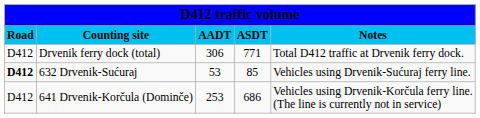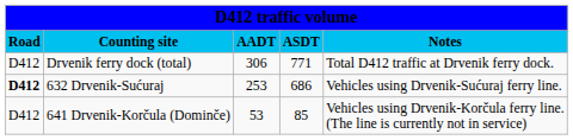 <table class="wikitable">
 <tr>
 <td colspan=5 bgcolor=blue align=center style=margin-top:15><span><big><strong>D412 traffic volume</strong></big></span></td>
 </tr>
 <tr>
 <td align=center bgcolor=00c0f0><strong>Road</strong></td>
 <td align=center bgcolor=00c0f0><strong>Counting site</strong></td>
 <td align=center bgcolor=00c0f0><strong>AADT</strong></td>
 <td align=center bgcolor=00c0f0><strong>ASDT</strong></td>
 <td align=center bgcolor=00c0f0><strong>Notes</strong></td>
 </tr>
 <tr>
 <td> D412</td>
 <td>Drvenik ferry dock (total)</td>
 <td align="center">306</td>
 <td align="center">771</td>
 <td>Total D412 traffic at Drvenik ferry dock.</td>
 </tr>
 <tr>
 <td><strong> D412</strong></td>
 <td>632 Drvenik-Sućuraj</td>
-<td align=center>53</td>
-<td align=center>85</td>
+<td align=center>253</td>
+<td align=center>686</td>
 <td>Vehicles using Drvenik-Sućuraj ferry line.</td>
 </tr>
 <tr>
 <td> D412</td>
 <td>641 Drvenik-Korčula (Dominče)</td>
-<td align=center>253</td>
-<td align=center>686</td>
+<td align=center>53</td>
+<td align=center>85</td>
 <td>Vehicles using Drvenik-Korčula ferry line.<br>(The line is currently not in service)</td>
 </tr>
 </table>
